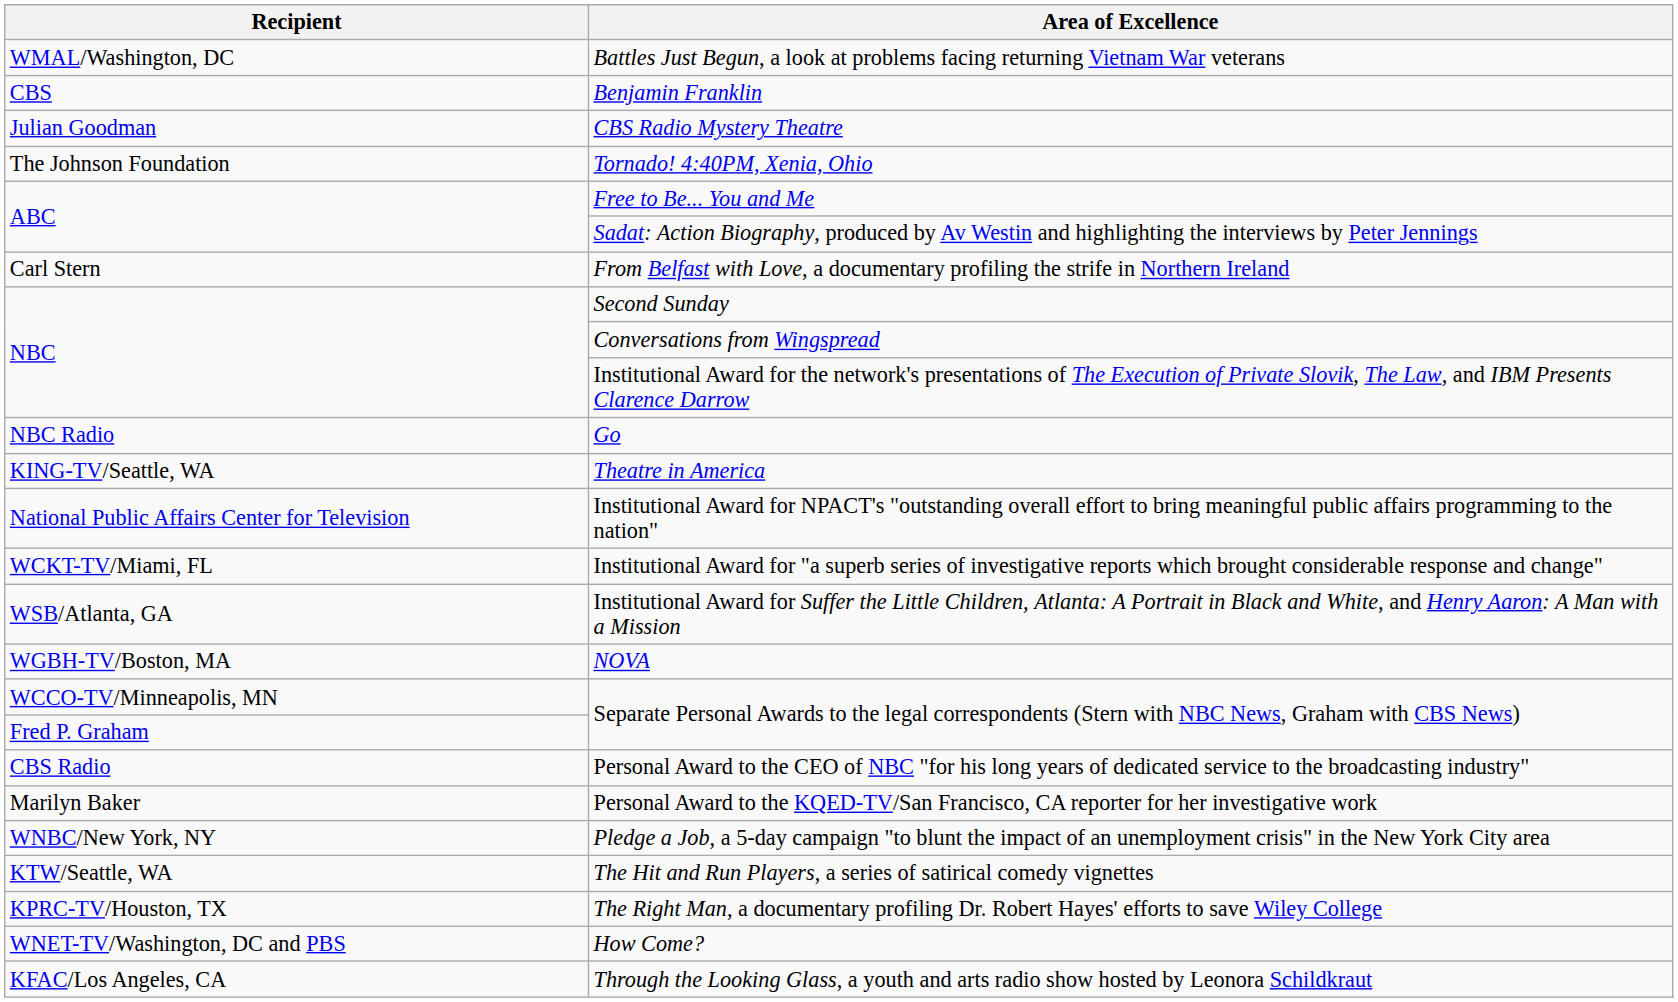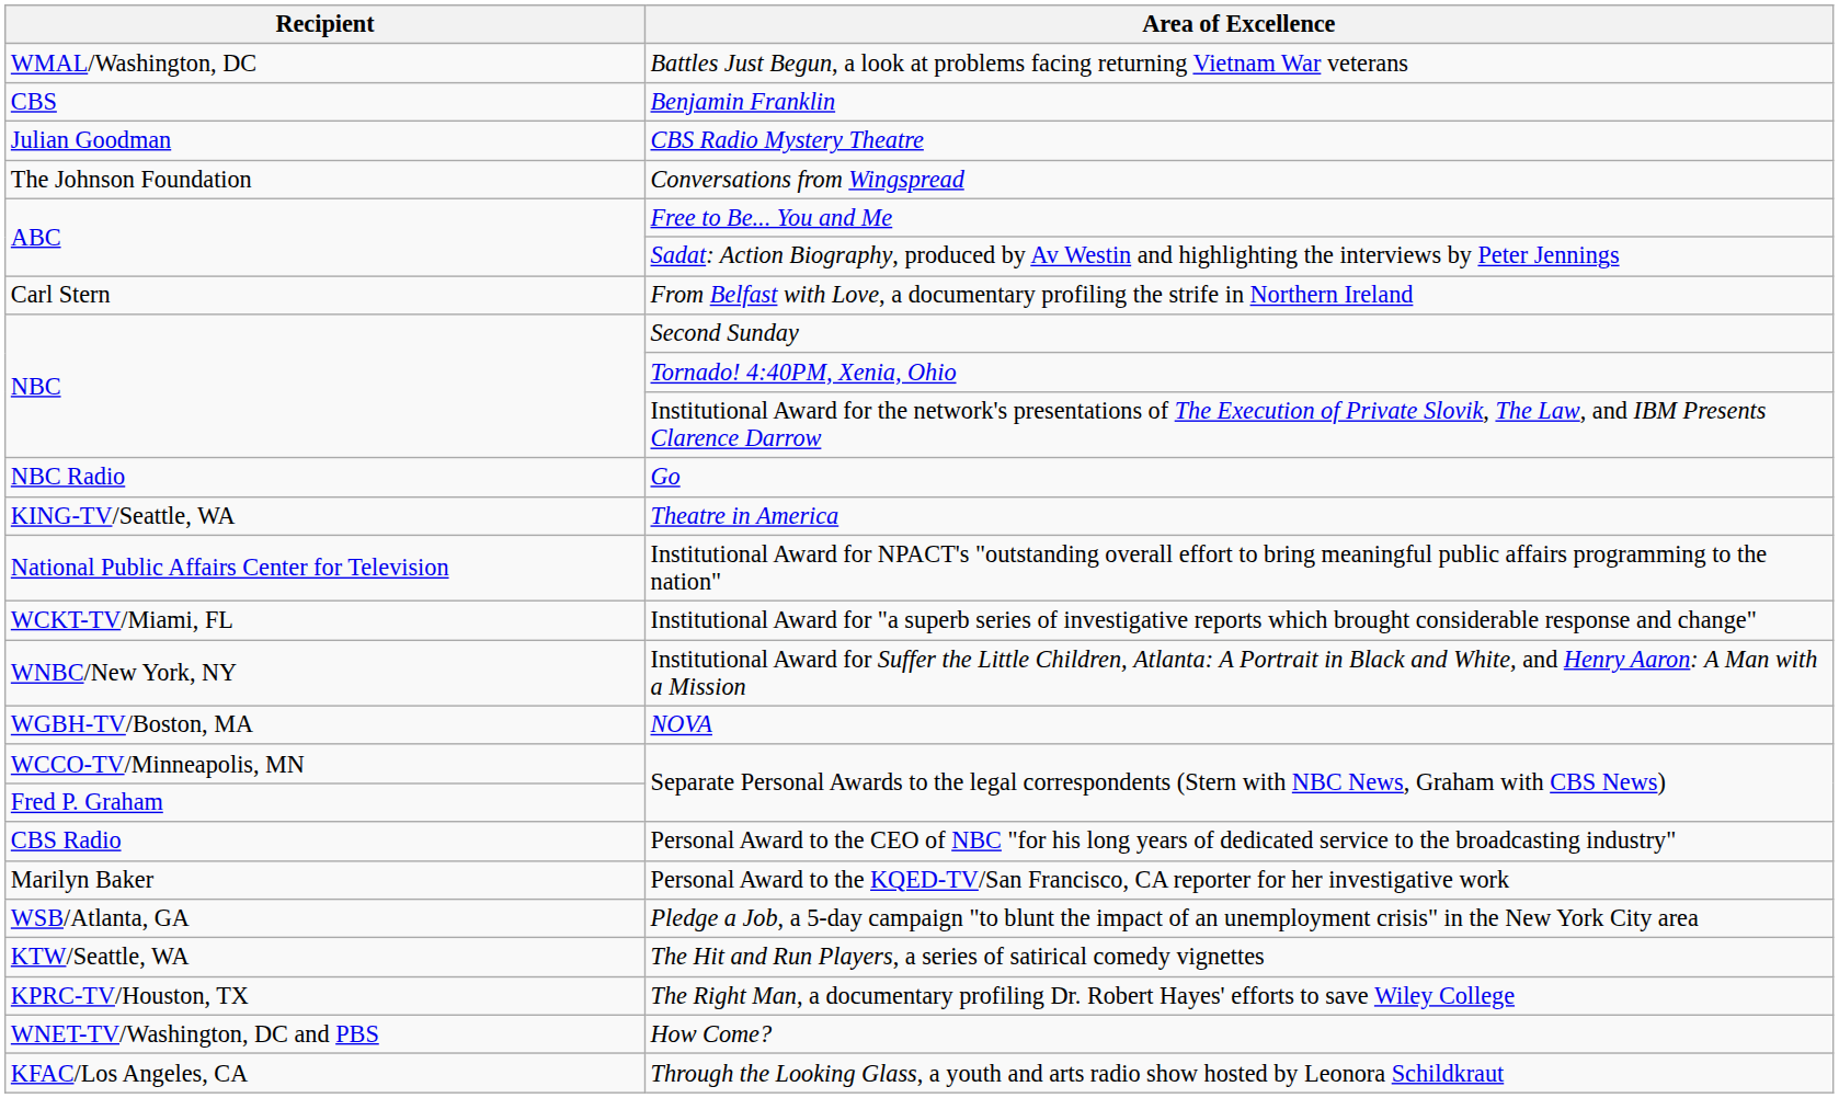 <table class="wikitable" style="width:95%">
 <tr bgcolor="#CCCCCC">
 <th width=35%>Recipient</th>
 <th width=65%>Area of Excellence</th>
 </tr>
 <tr>
 <td><a href='#'>WMAL</a>/Washington, DC</td>
 <td><em>Battles Just Begun</em>, a look at problems facing returning <a href='#'>Vietnam War</a> veterans</td>
 </tr>
 <tr>
 <td><a href='#'>CBS</a></td>
 <td><em><a href='#'>Benjamin Franklin</a></em></td>
 </tr>
 <tr>
 <td><a href='#'>Julian Goodman</a></td>
 <td><em><a href='#'>CBS Radio Mystery Theatre</a></em></td>
 </tr>
 <tr>
 <td>The Johnson Foundation</td>
-<td><em><a href='#'>Tornado! 4:40PM, Xenia, Ohio</a></em></td>
+<td><em>Conversations from <a href='#'>Wingspread</a></em></td>
 </tr>
 <tr>
 <td rowspan="2"><a href='#'>ABC</a></td>
 <td><em><a href='#'>Free to Be... You and Me</a></em></td>
 </tr>
 <tr>
 <td><em><a href='#'>Sadat</a>: Action Biography</em>, produced by <a href='#'>Av Westin</a> and highlighting the interviews by <a href='#'>Peter Jennings</a></td>
 </tr>
 <tr>
 <td>Carl Stern</td>
 <td><em>From <a href='#'>Belfast</a> with Love</em>, a documentary profiling the strife in <a href='#'>Northern Ireland</a></td>
 </tr>
 <tr>
 <td rowspan="3"><a href='#'>NBC</a></td>
 <td><em>Second Sunday</em></td>
 </tr>
 <tr>
-<td><em>Conversations from <a href='#'>Wingspread</a></em></td>
+<td><em><a href='#'>Tornado! 4:40PM, Xenia, Ohio</a></em></td>
 </tr>
 <tr>
 <td>Institutional Award for the network's presentations of <em><a href='#'>The Execution of Private Slovik</a></em>, <em><a href='#'>The Law</a></em>, and <em>IBM Presents <a href='#'>Clarence Darrow</a></em></td>
 </tr>
 <tr>
 <td><a href='#'>NBC Radio</a></td>
 <td><em><a href='#'>Go</a></em></td>
 </tr>
 <tr>
 <td><a href='#'>KING-TV</a>/Seattle, WA</td>
 <td><em><a href='#'>Theatre in America</a></em></td>
 </tr>
 <tr>
 <td><a href='#'>National Public Affairs Center for Television</a></td>
 <td>Institutional Award for NPACT's "outstanding overall effort to bring meaningful public affairs programming to the nation"</td>
 </tr>
 <tr>
 <td><a href='#'>WCKT-TV</a>/Miami, FL</td>
 <td>Institutional Award for "a superb series of investigative reports which brought considerable response and change"</td>
 </tr>
 <tr>
-<td><a href='#'>WSB</a>/Atlanta, GA</td>
+<td><a href='#'>WNBC</a>/New York, NY</td>
 <td>Institutional Award for <em>Suffer the Little Children,</em> <em>Atlanta: A Portrait in Black and White,</em> and <em><a href='#'>Henry Aaron</a>: A Man with a Mission</em></td>
 </tr>
 <tr>
 <td><a href='#'>WGBH-TV</a>/Boston, MA</td>
 <td><em><a href='#'>NOVA</a></em></td>
 </tr>
 <tr>
 <td><a href='#'>WCCO-TV</a>/Minneapolis, MN</td>
 <td rowspan="2">Separate Personal Awards to the legal correspondents (Stern with <a href='#'>NBC News</a>, Graham with <a href='#'>CBS News</a>)</td>
 </tr>
 <tr>
 <td><a href='#'>Fred P. Graham</a></td>
 </tr>
 <tr>
 <td><a href='#'>CBS Radio</a></td>
 <td>Personal Award to the CEO of <a href='#'>NBC</a> "for his long years of dedicated service to the broadcasting industry"</td>
 </tr>
 <tr>
 <td>Marilyn Baker</td>
 <td>Personal Award to the <a href='#'>KQED-TV</a>/San Francisco, CA reporter for her investigative work</td>
 </tr>
 <tr>
-<td><a href='#'>WNBC</a>/New York, NY</td>
+<td><a href='#'>WSB</a>/Atlanta, GA</td>
 <td><em>Pledge a Job</em>, a 5-day campaign "to blunt the impact of an unemployment crisis" in the New York City area</td>
 </tr>
 <tr>
 <td><a href='#'>KTW</a>/Seattle, WA</td>
 <td><em>The Hit and Run Players</em>, a series of satirical comedy vignettes</td>
 </tr>
 <tr>
 <td><a href='#'>KPRC-TV</a>/Houston, TX</td>
 <td><em>The Right Man</em>, a documentary profiling Dr. Robert Hayes' efforts to save <a href='#'>Wiley College</a></td>
 </tr>
 <tr>
 <td><a href='#'>WNET-TV</a>/Washington, DC and <a href='#'>PBS</a></td>
 <td><em>How Come?</em></td>
 </tr>
 <tr>
 <td><a href='#'>KFAC</a>/Los Angeles, CA</td>
 <td><em>Through the Looking Glass</em>, a youth and arts radio show hosted by Leonora <a href='#'>Schildkraut</a></td>
 </tr>
 </table>
